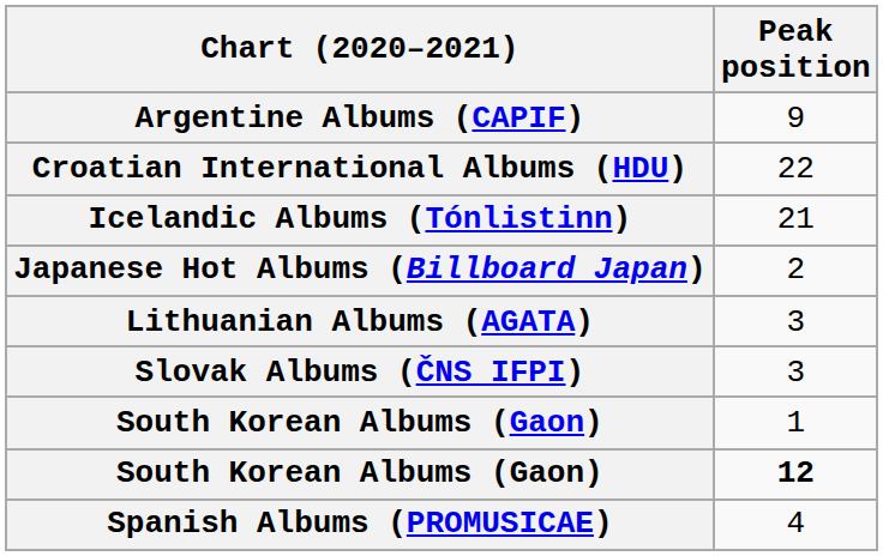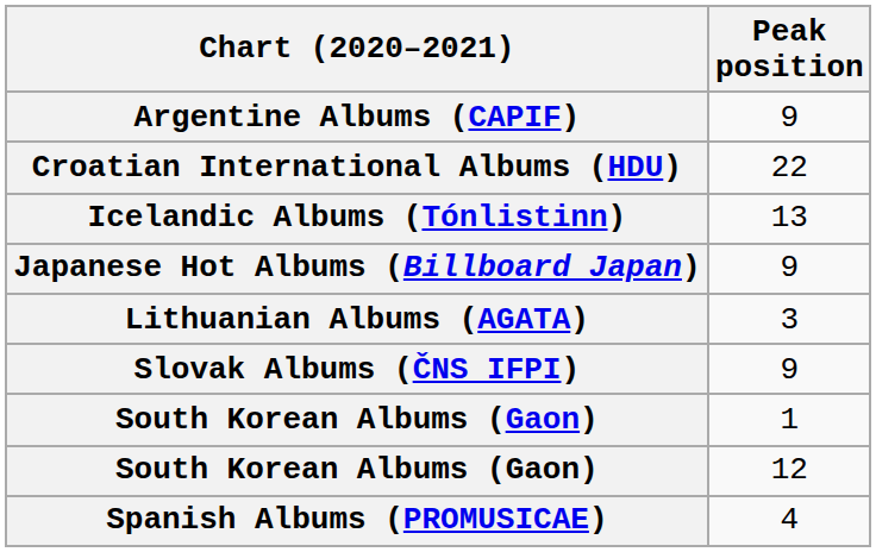 <table class="wikitable sortable plainrowheaders" style="text-align:center">
 <tr>
 <th scope="col">Chart (2020–2021)</th>
 <th scope="col">Peak<br>position</th>
 </tr>
 <tr>
 <th scope="row">Argentine Albums (<a href='#'>CAPIF</a>)</th>
 <td>9</td>
 </tr>
 <tr>
 </tr>
 <tr>
 </tr>
 <tr>
 </tr>
 <tr>
 </tr>
 <tr>
 </tr>
 <tr>
 <th scope="row">Croatian International Albums (<a href='#'>HDU</a>)</th>
 <td>22</td>
 </tr>
 <tr>
 </tr>
 <tr>
 </tr>
 <tr>
 </tr>
 <tr>
 </tr>
 <tr>
 </tr>
 <tr>
 </tr>
 <tr>
 </tr>
 <tr>
 <th scope="row">Icelandic Albums (<a href='#'>Tónlistinn</a>)</th>
-<td>21</td>
+<td>13</td>
 </tr>
 <tr>
 </tr>
 <tr>
 </tr>
 <tr>
 </tr>
 <tr>
 </tr>
 <tr>
 <th scope="row">Japanese Hot Albums (<em><a href='#'>Billboard Japan</a></em>)</th>
-<td>2</td>
+<td>9</td>
 </tr>
 <tr>
 <th scope="row">Lithuanian Albums (<a href='#'>AGATA</a>)</th>
 <td>3</td>
 </tr>
 <tr>
 </tr>
 <tr>
 </tr>
 <tr>
 </tr>
 <tr>
 </tr>
 <tr>
 </tr>
 <tr>
 <th scope="row">Slovak Albums (<a href='#'>ČNS IFPI</a>)</th>
-<td>3</td>
+<td>9</td>
 </tr>
 <tr>
 <th scope="row">South Korean Albums (<a href='#'>Gaon</a>)</th>
 <td>1</td>
 </tr>
 <tr>
 <th scope="row">South Korean Albums (Gaon)<br></th>
-<td><strong>12</strong></td>
+<td>12</td>
 </tr>
 <tr>
 <th scope="row">Spanish Albums (<a href='#'>PROMUSICAE</a>)</th>
 <td>4</td>
 </tr>
 <tr>
 </tr>
 <tr>
 </tr>
 <tr>
 </tr>
 <tr>
 </tr>
 <tr>
 </tr>
 </table>
